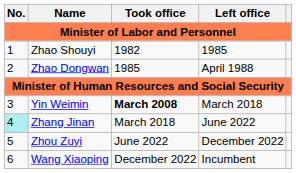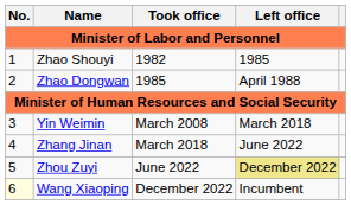 <table class="wikitable">
 <tr>
 <th>No.</th>
 <th>Name</th>
 <th>Took office</th>
 <th>Left office</th>
 <th></th>
 </tr>
 <tr>
 <td colspan="5" bgcolor="coral" align="center"><strong>Minister of Labor and Personnel</strong></td>
 </tr>
 <tr>
 <td>1</td>
 <td>Zhao Shouyi</td>
 <td>1982</td>
 <td>1985</td>
 <td></td>
 </tr>
 <tr>
 <td>2</td>
 <td><a href='#'>Zhao Dongwan</a></td>
 <td>1985</td>
 <td>April 1988</td>
 <td></td>
 </tr>
 <tr>
 <td colspan="5" bgcolor="coral" align="center"><strong>Minister of Human Resources and Social Security</strong></td>
 </tr>
 <tr>
 <td>3</td>
 <td><a href='#'>Yin Weimin</a></td>
-<td><strong>March 2008</strong></td>
+<td>March 2008</td>
 <td>March 2018</td>
 <td></td>
 </tr>
 <tr>
-<td style="background: paleturquoise;">4</td>
+<td>4</td>
 <td><a href='#'>Zhang Jinan</a></td>
 <td>March 2018</td>
 <td>June 2022</td>
 <td></td>
 </tr>
 <tr>
 <td>5</td>
 <td><a href='#'>Zhou Zuyi</a></td>
 <td>June 2022</td>
-<td>December 2022</td>
+<td style="background: khaki;">December 2022</td>
 <td></td>
 </tr>
 <tr>
-<td>6</td>
+<td style="background: lightyellow;">6</td>
 <td><a href='#'>Wang Xiaoping</a></td>
 <td>December 2022</td>
 <td>Incumbent</td>
 <td></td>
 </tr>
 </table>
